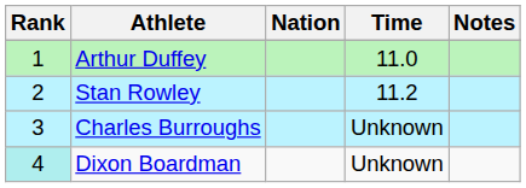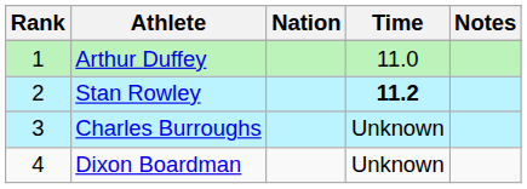 <table class="wikitable sortable" style="text-align:center">
 <tr>
 <th>Rank</th>
 <th>Athlete</th>
 <th>Nation</th>
 <th>Time</th>
 <th>Notes</th>
 </tr>
 <tr>
 </tr>
 <tr style="background:#bbf3bb;">
 <td>1</td>
 <td align=left><a href='#'>Arthur Duffey</a></td>
 <td align=left></td>
 <td>11.0</td>
 <td></td>
 </tr>
 <tr bgcolor=bbf3ff>
 <td>2</td>
 <td align=left><a href='#'>Stan Rowley</a></td>
 <td align=left></td>
-<td>11.2</td>
+<td><strong>11.2</strong></td>
 <td></td>
 </tr>
 <tr bgcolor=bbf3ff>
 <td>3</td>
 <td align=left><a href='#'>Charles Burroughs</a></td>
 <td align=left></td>
 <td>Unknown</td>
 <td></td>
 </tr>
 <tr>
-<td style="background: paleturquoise;">4</td>
+<td>4</td>
 <td align=left><a href='#'>Dixon Boardman</a></td>
 <td align=left></td>
 <td>Unknown</td>
 <td></td>
 </tr>
 </table>
